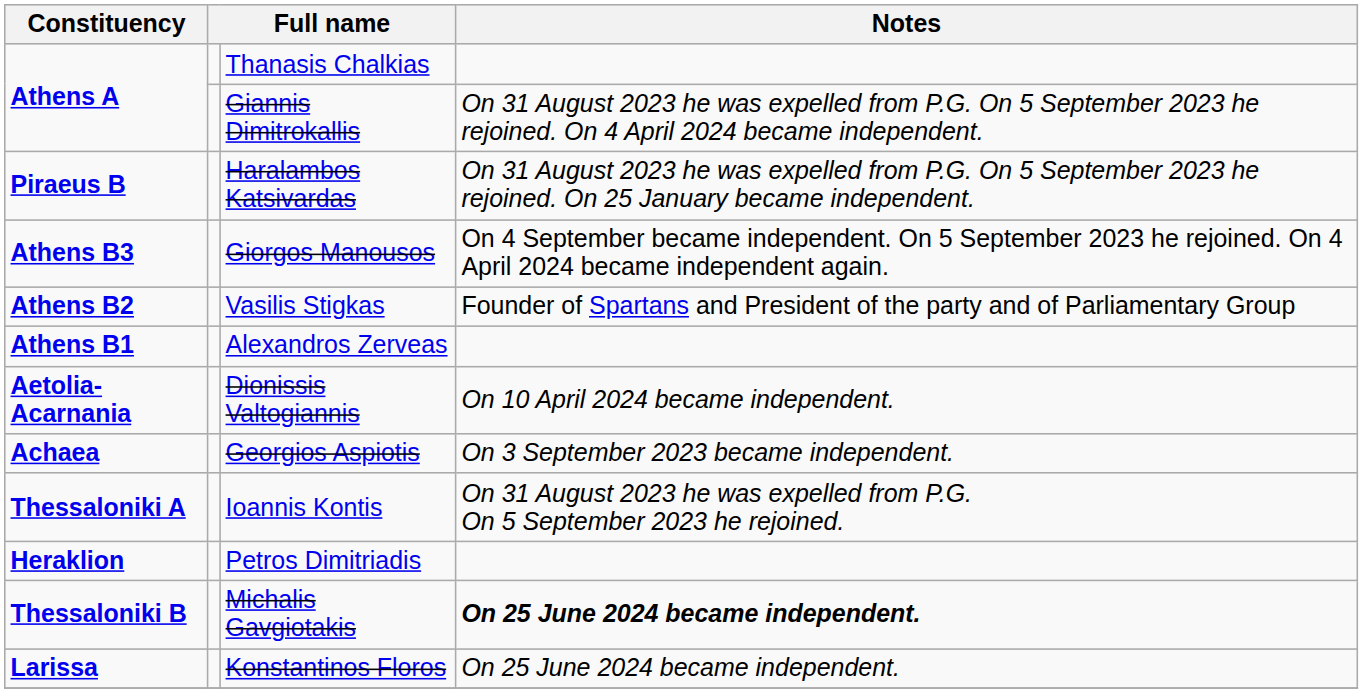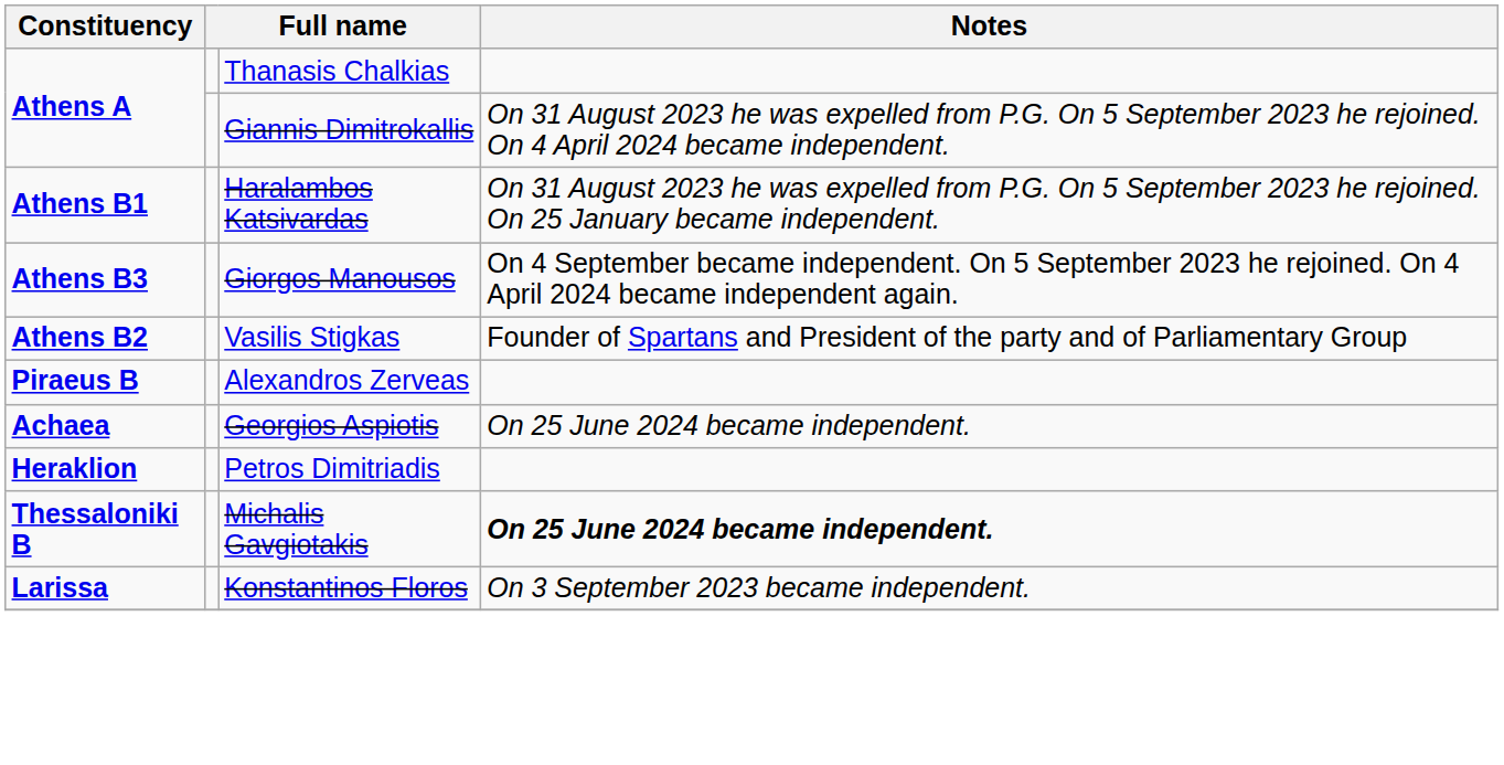 <table class="wikitable">
 <tr>
 <th>Constituency</th>
 <th colspan="2">Full name</th>
 <th>Notes</th>
 </tr>
 <tr>
 <td rowspan="2"><strong><a href='#'>Athens A</a></strong></td>
 <td></td>
 <td><a href='#'>Thanasis Chalkias</a></td>
 <td></td>
 </tr>
 <tr>
 <td></td>
 <td><s><a href='#'>Giannis Dimitrokallis</a></s></td>
 <td><em>On 31 August 2023 he was expelled from P.G. On 5 September 2023 he rejoined. On 4 April 2024 became independent.</em></td>
 </tr>
 <tr>
-<td><strong><a href='#'>Piraeus B</a></strong></td>
+<td><strong><a href='#'>Athens B1</a></strong></td>
 <td></td>
 <td><s><a href='#'>Haralambos Katsivardas</a></s></td>
 <td><em>On 31 August 2023 he was expelled from P.G. On 5 September 2023 he rejoined. On 25 January became independent.</em></td>
 </tr>
 <tr>
 <td><strong><a href='#'>Athens B3</a></strong></td>
 <td></td>
 <td><s><a href='#'>Giorgos Manousos</a></s></td>
 <td>On 4 September became independent. On 5 September 2023 he rejoined. On 4 April 2024 became independent again.</td>
 </tr>
 <tr>
 <td><strong><a href='#'>Athens B2</a></strong></td>
 <td></td>
 <td><a href='#'>Vasilis Stigkas</a></td>
 <td>Founder of <a href='#'>Spartans</a> and President of the party and of Parliamentary Group</td>
 </tr>
 <tr>
-<td><strong><a href='#'>Athens B1</a></strong></td>
+<td><strong><a href='#'>Piraeus B</a></strong></td>
 <td></td>
 <td><a href='#'>Alexandros Zerveas</a></td>
 <td></td>
 </tr>
 <tr>
-<td><strong><a href='#'>Aetolia-Acarnania</a></strong></td>
-<td></td>
-<td><s><a href='#'>Dionissis Valtogiannis</a></s></td>
-<td><em>On 10 April 2024 became independent.</em></td>
-</tr>
-<tr>
 <td><strong><a href='#'>Achaea</a></strong></td>
 <td></td>
 <td><s><a href='#'>Georgios Aspiotis</a></s></td>
-<td><em>On 3 September 2023 became independent.</em></td>
-</tr>
-<tr>
-<td><strong><a href='#'>Thessaloniki A</a></strong></td>
-<td></td>
-<td><a href='#'>Ioannis Kontis</a></td>
-<td><em>On 31 August 2023 he was expelled from P.G.<br> On 5 September 2023 he rejoined.</em></td>
+<td><em>On 25 June 2024 became independent.</em></td>
 </tr>
 <tr>
 <td><strong><a href='#'>Heraklion</a></strong></td>
 <td></td>
 <td><a href='#'>Petros Dimitriadis</a></td>
 <td></td>
 </tr>
 <tr>
 <td><strong><a href='#'>Thessaloniki B</a></strong></td>
 <td></td>
 <td><s><a href='#'>Michalis Gavgiotakis</a></s></td>
 <td><strong><em>On 25 June 2024 became independent.</em></strong></td>
 </tr>
 <tr>
 <td><strong><a href='#'>Larissa</a></strong></td>
 <td></td>
 <td><s><a href='#'>Konstantinos Floros</a></s></td>
-<td><em>On 25 June 2024 became independent.</em></td>
+<td><em>On 3 September 2023 became independent.</em></td>
 </tr>
 <tr>
 </tr>
 </table>
